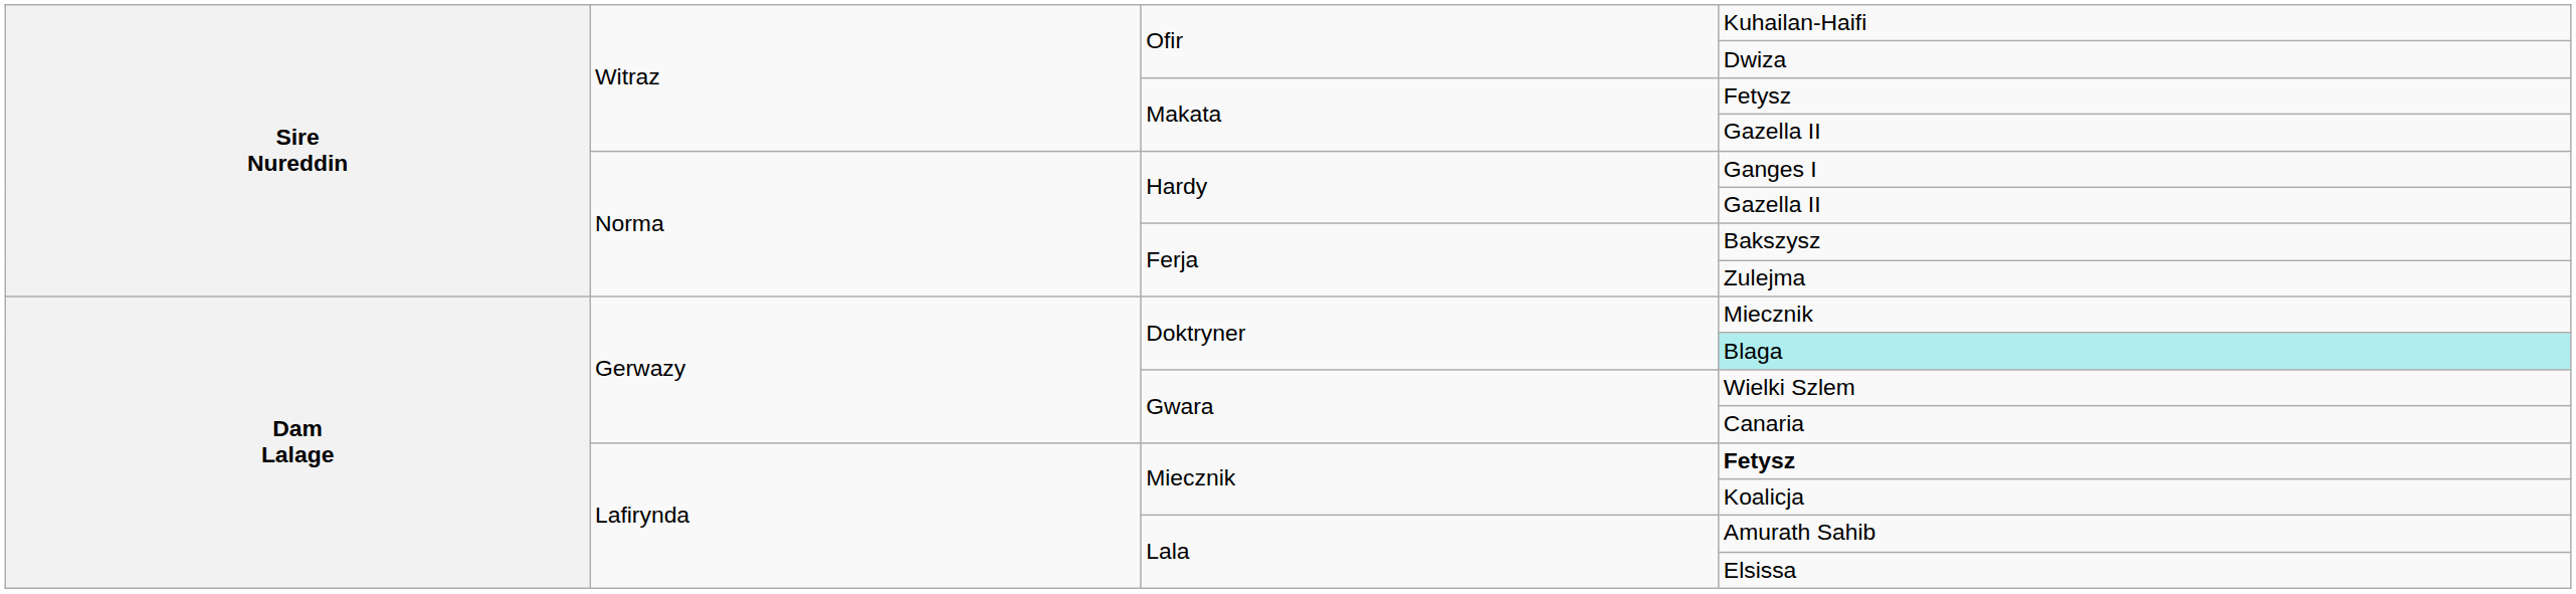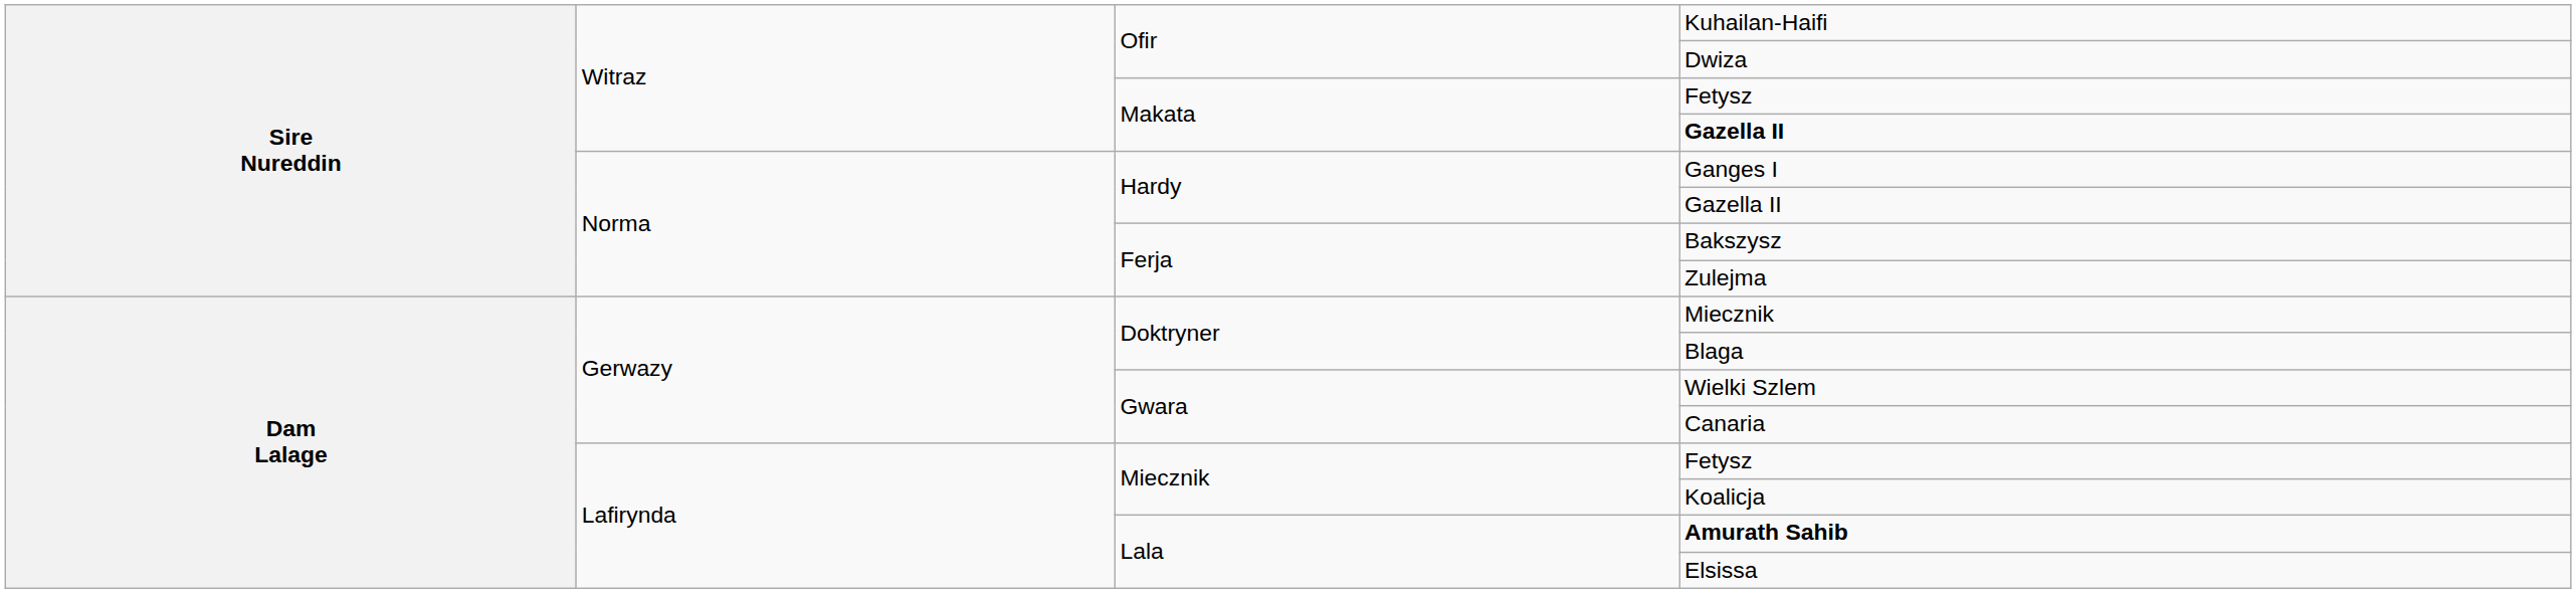 <table class="wikitable" style="clear:both; margin:0em auto; width:90%;">
 <tr>
 <th rowspan="8">Sire<br>Nureddin</th>
 <td rowspan="4">Witraz</td>
 <td rowspan="2">Ofir</td>
 <td>Kuhailan-Haifi</td>
 </tr>
 <tr>
 <td>Dwiza</td>
 </tr>
 <tr>
 <td rowspan="2">Makata</td>
 <td>Fetysz</td>
 </tr>
 <tr>
-<td>Gazella II</td>
+<td><strong>Gazella II</strong></td>
 </tr>
 <tr>
 <td rowspan="4">Norma</td>
 <td rowspan="2">Hardy</td>
 <td>Ganges I</td>
 </tr>
 <tr>
 <td>Gazella II</td>
 </tr>
 <tr>
 <td rowspan="2">Ferja</td>
 <td>Bakszysz</td>
 </tr>
 <tr>
 <td>Zulejma</td>
 </tr>
 <tr>
 <th rowspan="8">Dam<br>Lalage</th>
 <td rowspan="4">Gerwazy</td>
 <td rowspan="2">Doktryner</td>
 <td>Miecznik</td>
 </tr>
 <tr>
-<td style="background: paleturquoise;">Blaga</td>
+<td>Blaga</td>
 </tr>
 <tr>
 <td rowspan="2">Gwara</td>
 <td>Wielki Szlem</td>
 </tr>
 <tr>
 <td>Canaria</td>
 </tr>
 <tr>
 <td rowspan="4">Lafirynda</td>
 <td rowspan="2">Miecznik</td>
-<td><strong>Fetysz</strong></td>
+<td>Fetysz</td>
 </tr>
 <tr>
 <td>Koalicja</td>
 </tr>
 <tr>
 <td rowspan="2">Lala</td>
-<td>Amurath Sahib</td>
+<td><strong>Amurath Sahib</strong></td>
 </tr>
 <tr>
 <td>Elsissa</td>
 </tr>
 </table>
